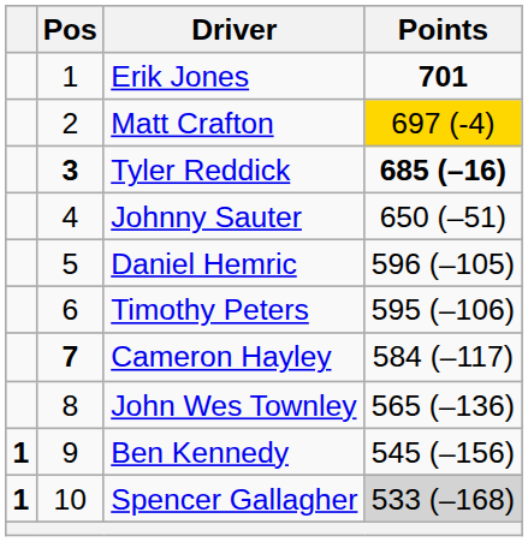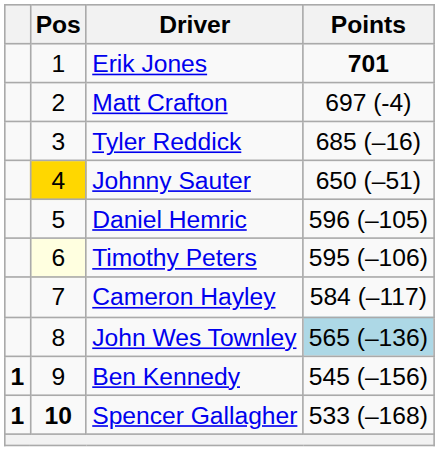 <table class="wikitable" style="font-size: 95%;">
 <tr>
 <th></th>
 <th>Pos</th>
 <th>Driver</th>
 <th>Points</th>
 </tr>
 <tr>
 <td align="left"></td>
 <td style="text-align:center;">1</td>
 <td><a href='#'>Erik Jones</a></td>
 <td style="text-align:center;"><strong>701</strong></td>
 </tr>
 <tr>
 <td align="left"></td>
 <td style="text-align:center;">2</td>
 <td><a href='#'>Matt Crafton</a></td>
-<td style="background: gold; text-align:center;">697 (-4)</td>
+<td style="text-align:center;">697 (-4)</td>
 </tr>
 <tr>
 <td align="left"></td>
-<td style="text-align:center;"><strong>3</strong></td>
+<td style="text-align:center;">3</td>
 <td><a href='#'>Tyler Reddick</a></td>
-<td style="text-align:center;"><strong>685 (–16)</strong></td>
+<td style="text-align:center;">685 (–16)</td>
 </tr>
 <tr>
 <td align="left"></td>
-<td style="text-align:center;">4</td>
+<td style="background: gold; text-align:center;">4</td>
 <td><a href='#'>Johnny Sauter</a></td>
 <td style="text-align:center;">650 (–51)</td>
 </tr>
 <tr>
 <td align="left"></td>
 <td style="text-align:center;">5</td>
 <td><a href='#'>Daniel Hemric</a></td>
 <td style="text-align:center;">596 (–105)</td>
 </tr>
 <tr>
 <td align="left"></td>
-<td style="text-align:center;">6</td>
+<td style="background: lightyellow; text-align:center;">6</td>
 <td><a href='#'>Timothy Peters</a></td>
 <td style="text-align:center;">595 (–106)</td>
 </tr>
 <tr>
 <td align="left"></td>
-<td style="text-align:center;"><strong>7</strong></td>
+<td style="text-align:center;">7</td>
 <td><a href='#'>Cameron Hayley</a></td>
 <td style="text-align:center;">584 (–117)</td>
 </tr>
 <tr>
 <td align="left"></td>
 <td style="text-align:center;">8</td>
 <td><a href='#'>John Wes Townley</a></td>
-<td style="text-align:center;">565 (–136)</td>
+<td style="background: lightblue; text-align:center;">565 (–136)</td>
 </tr>
 <tr>
 <td align="left"> <strong>1</strong></td>
 <td style="text-align:center;">9</td>
 <td><a href='#'>Ben Kennedy</a></td>
 <td style="text-align:center;">545 (–156)</td>
 </tr>
 <tr>
 <td align="left"> <strong>1</strong></td>
-<td style="text-align:center;">10</td>
+<td style="text-align:center;"><strong>10</strong></td>
 <td><a href='#'>Spencer Gallagher</a></td>
-<td style="background: lightgrey; text-align:center;">533 (–168)</td>
+<td style="text-align:center;">533 (–168)</td>
 </tr>
 <tr>
 <th colspan="9"></th>
 </tr>
 </table>
